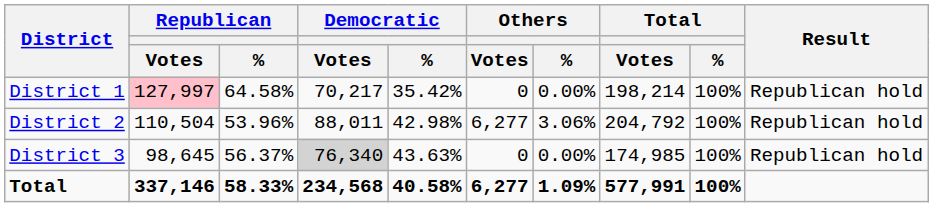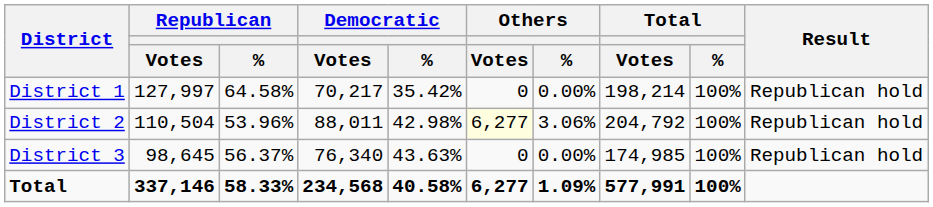 <table class="wikitable plainrowheaders sortable" style="font-size:100%; text-align:right;">
 <tr>
 <th scope=col rowspan=3><a href='#'>District</a></th>
 <th scope=col colspan=2><a href='#'>Republican</a></th>
 <th scope=col colspan=2><a href='#'>Democratic</a></th>
 <th scope=col colspan=2>Others</th>
 <th scope=col colspan=2>Total</th>
 <th scope=col rowspan=3>Result</th>
 </tr>
 <tr>
 <th scope=col colspan=2 style="background:"></th>
 <th scope=col colspan=2 style="background:"></th>
 <th scope=col colspan=2></th>
 <th scope=col colspan=2></th>
 </tr>
 <tr>
 <th scope=col data-sort-type="number">Votes</th>
 <th scope=col data-sort-type="number">%</th>
 <th scope=col data-sort-type="number">Votes</th>
 <th scope=col data-sort-type="number">%</th>
 <th scope=col data-sort-type="number">Votes</th>
 <th scope=col data-sort-type="number">%</th>
 <th scope=col data-sort-type="number">Votes</th>
 <th scope=col data-sort-type="number">%</th>
 </tr>
 <tr>
 <td align=left><a href='#'>District 1</a></td>
-<td style="background: pink;">127,997</td>
+<td>127,997</td>
 <td>64.58%</td>
 <td>70,217</td>
 <td>35.42%</td>
 <td>0</td>
 <td>0.00%</td>
 <td>198,214</td>
 <td>100%</td>
 <td align=left>Republican hold</td>
 </tr>
 <tr>
 <td align=left><a href='#'>District 2</a></td>
 <td>110,504</td>
 <td>53.96%</td>
 <td>88,011</td>
 <td>42.98%</td>
-<td>6,277</td>
+<td style="background: lightyellow;">6,277</td>
 <td>3.06%</td>
 <td>204,792</td>
 <td>100%</td>
 <td align=left>Republican hold</td>
 </tr>
 <tr>
 <td align=left><a href='#'>District 3</a></td>
 <td>98,645</td>
 <td>56.37%</td>
-<td style="background: lightgrey;">76,340</td>
+<td>76,340</td>
 <td>43.63%</td>
 <td>0</td>
 <td>0.00%</td>
 <td>174,985</td>
 <td>100%</td>
 <td align=left>Republican hold</td>
 </tr>
 <tr class="sortbottom" style="font-weight:bold">
 <td align=left>Total</td>
 <td>337,146</td>
 <td>58.33%</td>
 <td>234,568</td>
 <td>40.58%</td>
 <td>6,277</td>
 <td>1.09%</td>
 <td>577,991</td>
 <td>100%</td>
 <td></td>
 </tr>
 </table>
